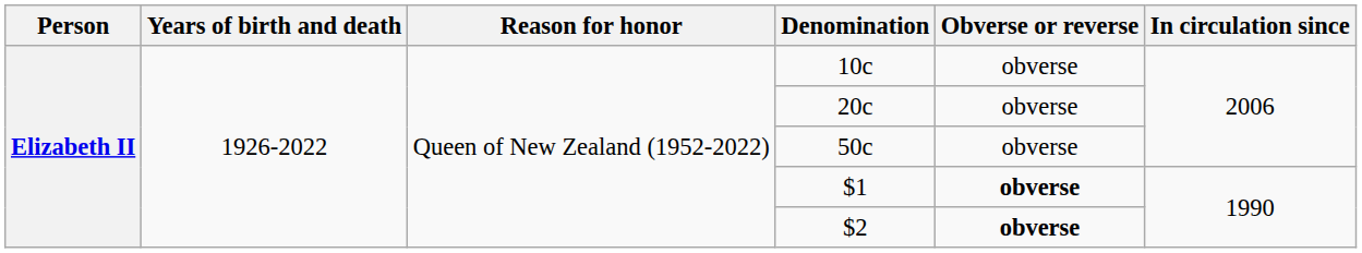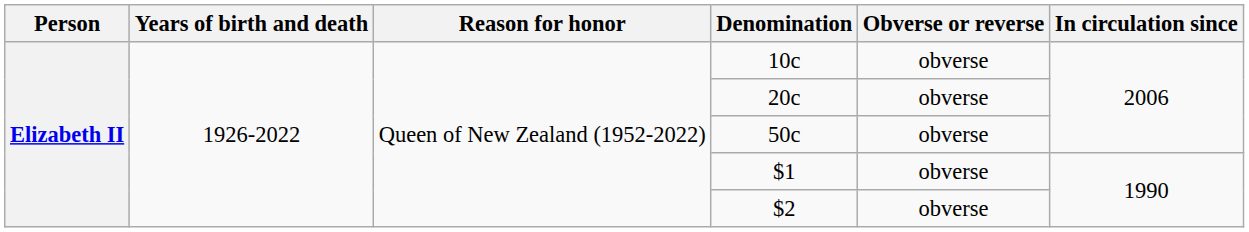 <table class="wikitable" style="font-size:95%; text-align:center;">
 <tr>
 <th>Person</th>
 <th>Years of birth and death</th>
 <th>Reason for honor</th>
 <th>Denomination</th>
 <th>Obverse or reverse</th>
 <th>In circulation since</th>
 </tr>
 <tr>
 <th rowspan="5"><a href='#'>Elizabeth II</a></th>
 <td rowspan="5">1926-2022</td>
 <td rowspan="5">Queen of New Zealand (1952-2022)</td>
 <td>10c</td>
 <td>obverse</td>
 <td rowspan="3">2006</td>
 </tr>
 <tr>
 <td>20c</td>
 <td>obverse</td>
 </tr>
 <tr>
 <td>50c</td>
 <td>obverse</td>
 </tr>
 <tr>
 <td>$1</td>
-<td><strong>obverse</strong></td>
+<td>obverse</td>
 <td rowspan="2">1990</td>
 </tr>
 <tr>
 <td>$2</td>
-<td><strong>obverse</strong></td>
+<td>obverse</td>
 </tr>
 </table>
